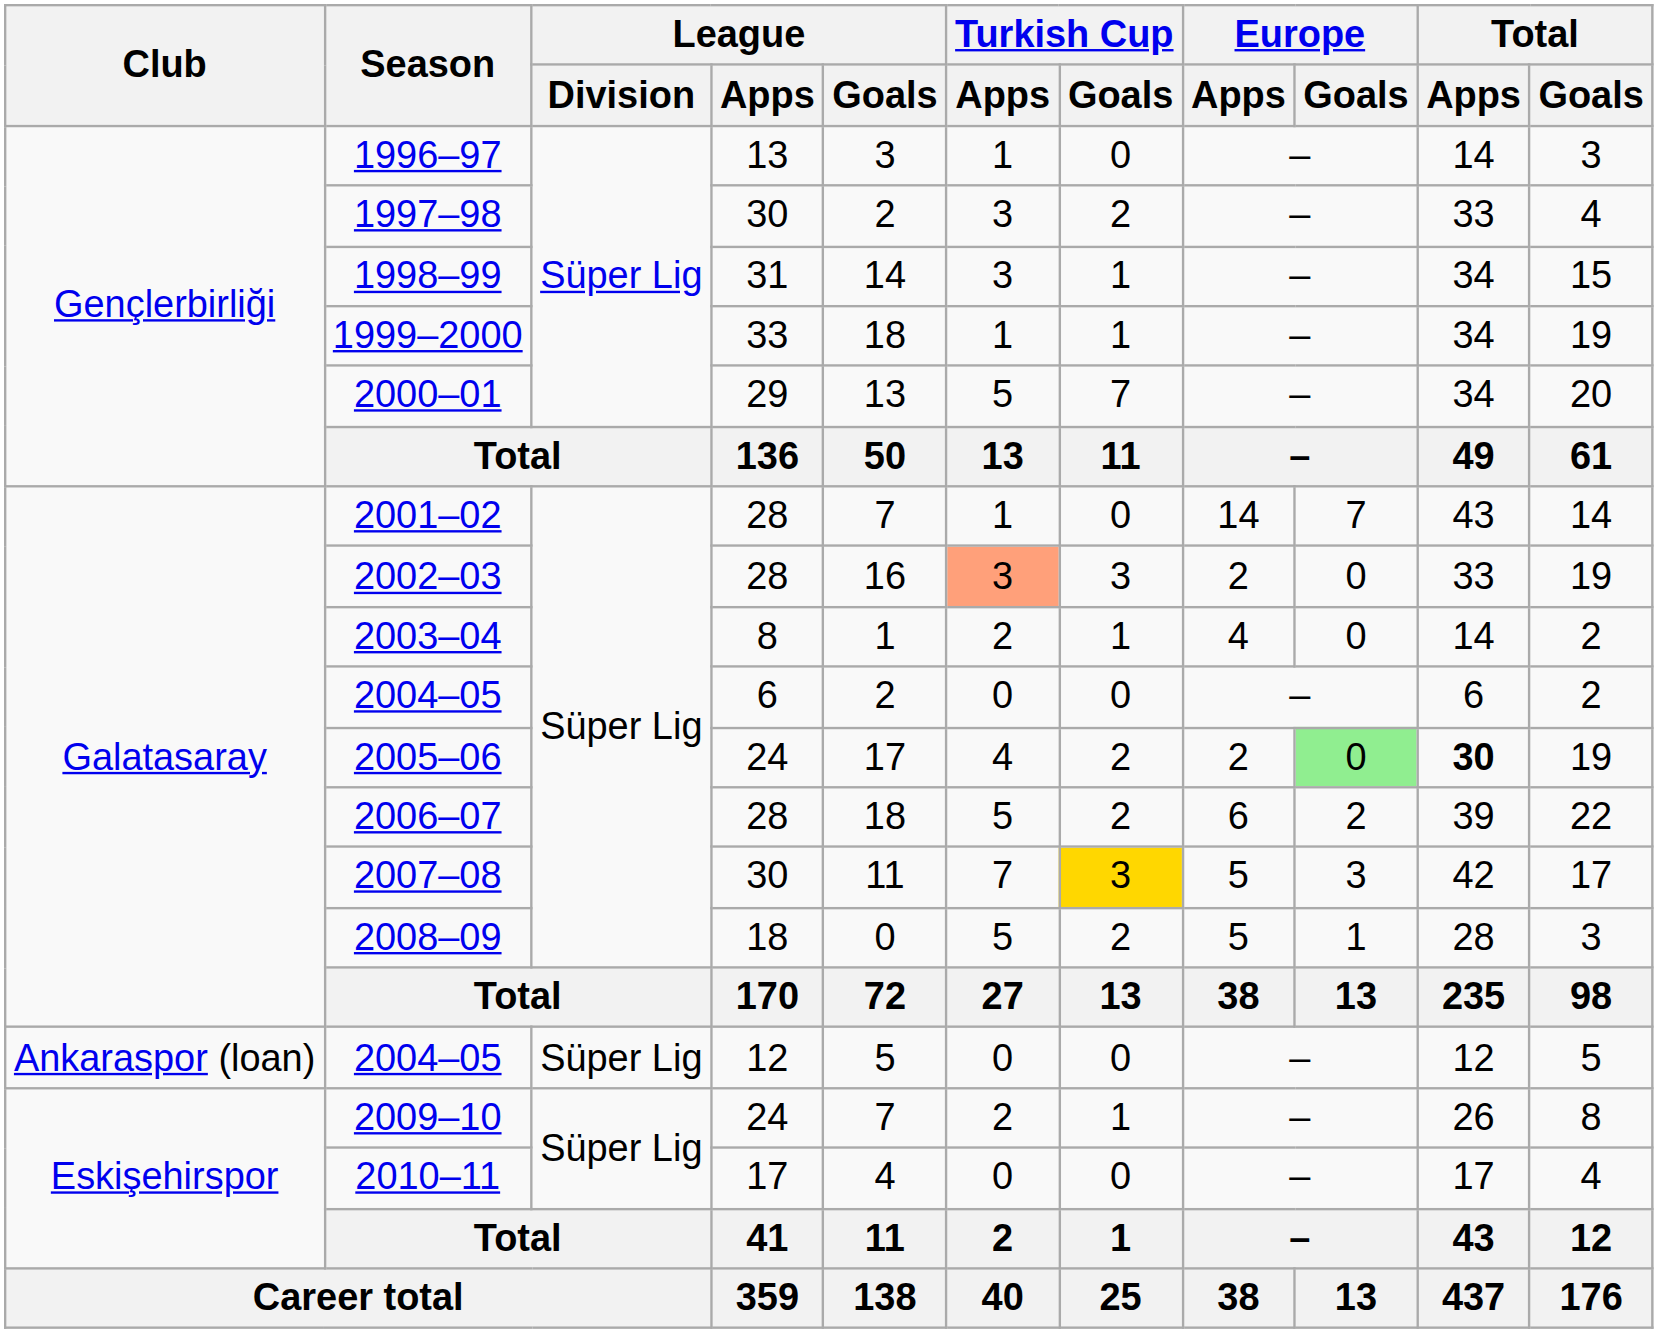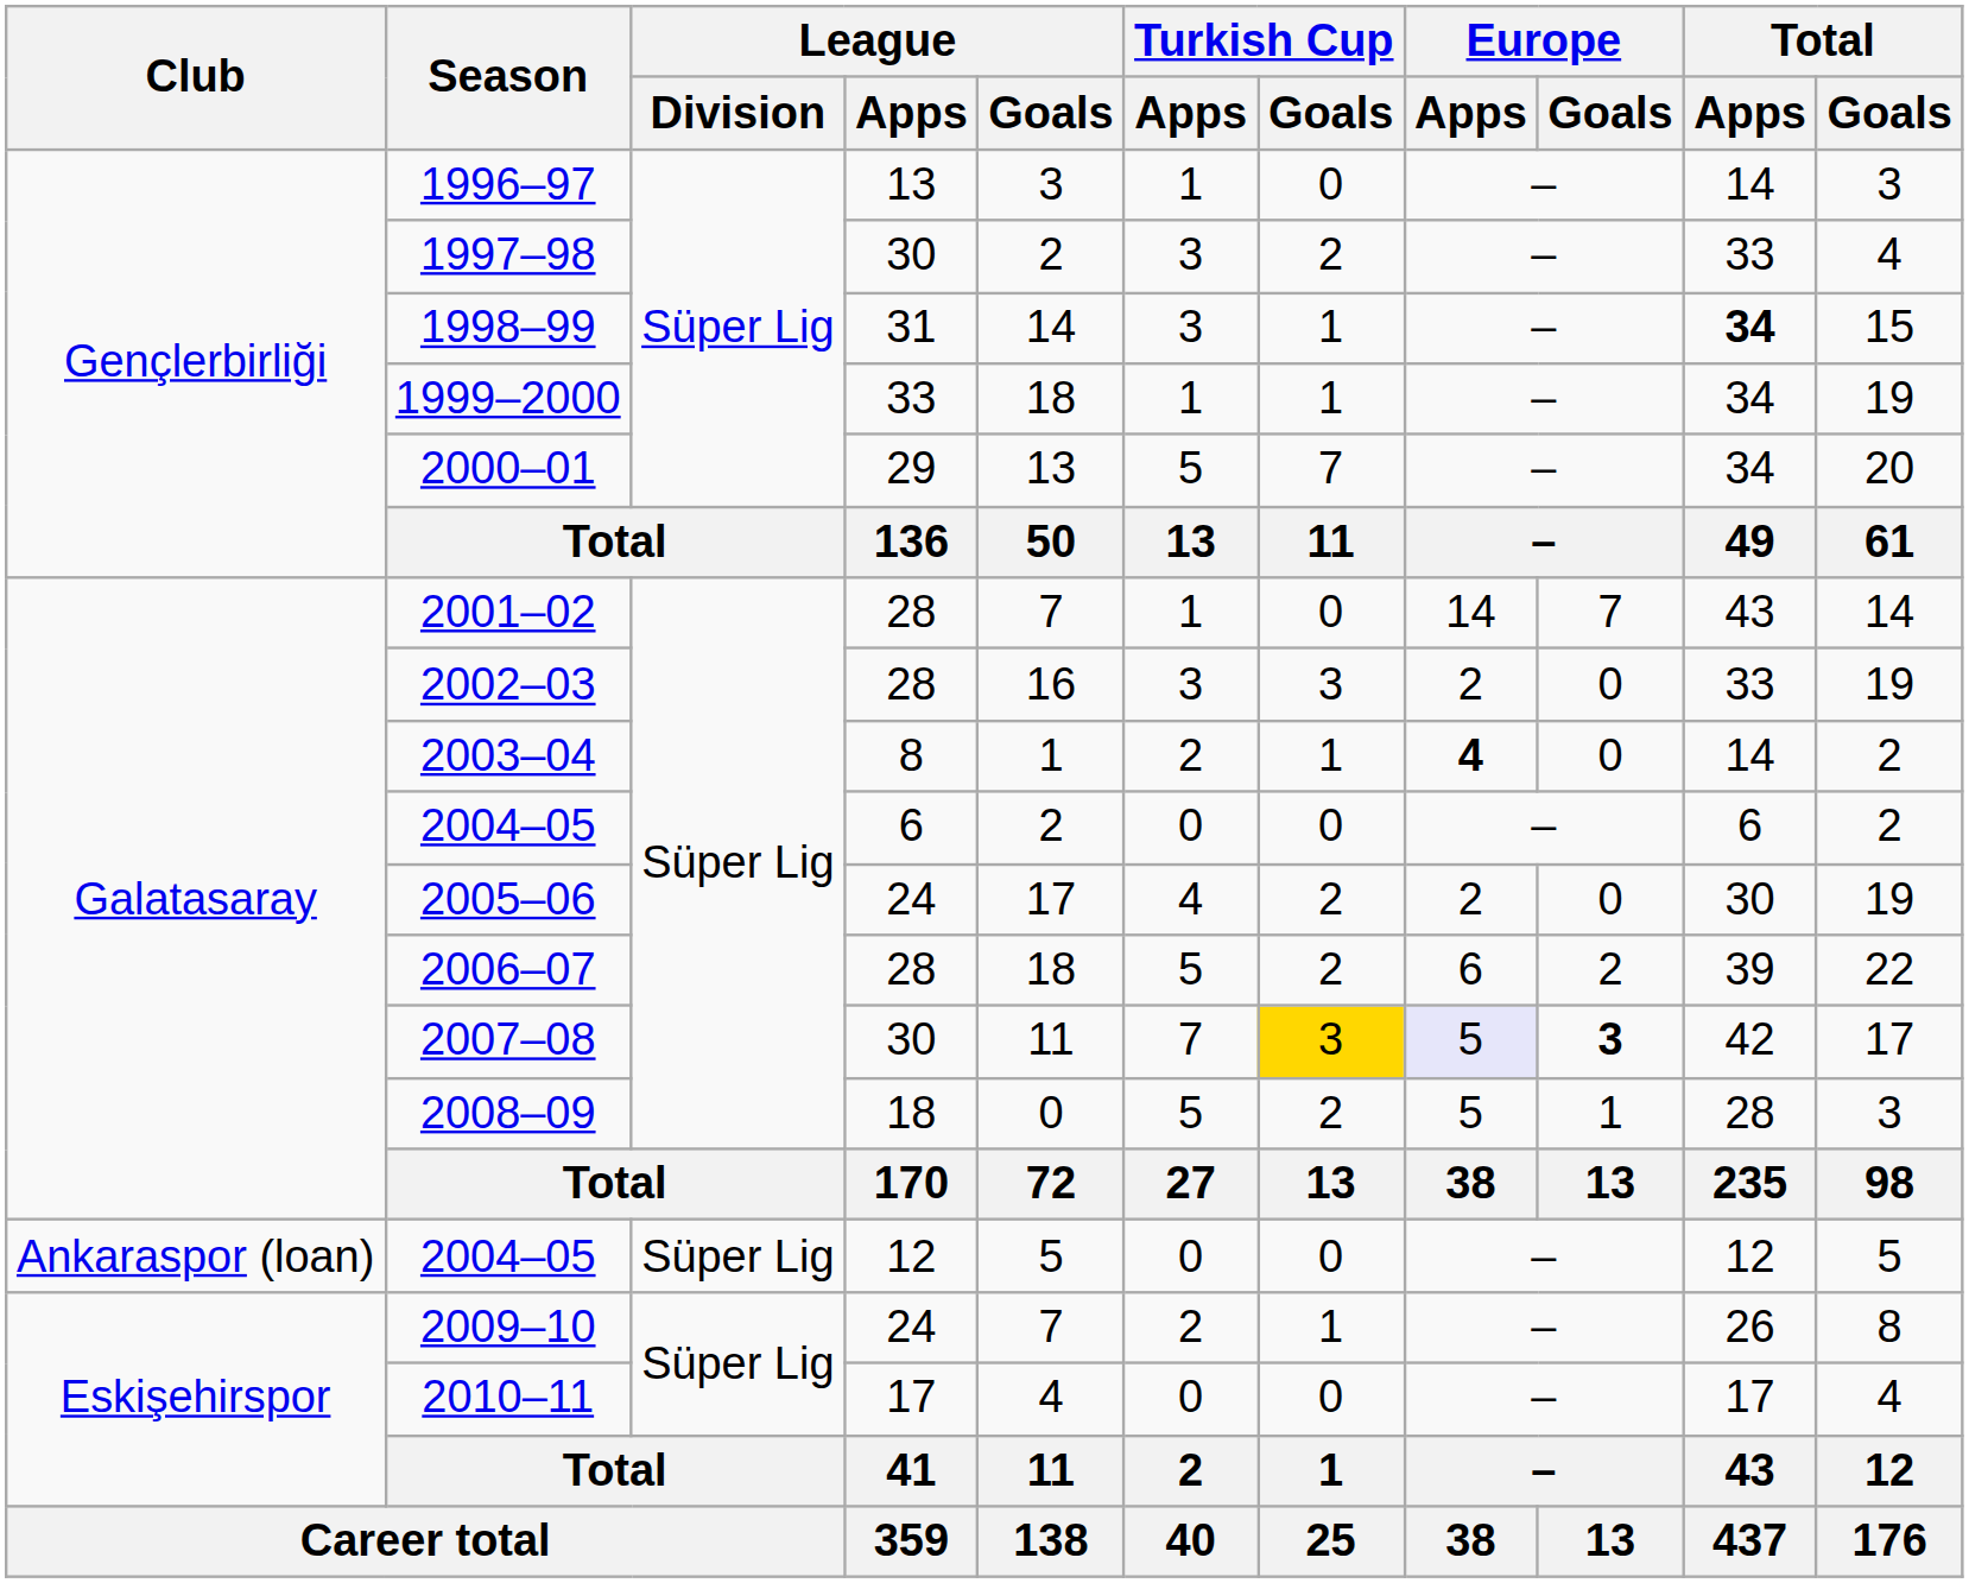 <table class="wikitable" style="text-align: center;">
 <tr>
 <th rowspan="2">Club</th>
 <th rowspan="2">Season</th>
 <th colspan="3">League</th>
 <th colspan="2"><a href='#'>Turkish Cup</a></th>
 <th colspan="2"><a href='#'>Europe</a></th>
 <th colspan="2">Total</th>
 </tr>
 <tr>
 <th>Division</th>
 <th>Apps</th>
 <th>Goals</th>
 <th>Apps</th>
 <th>Goals</th>
 <th>Apps</th>
 <th>Goals</th>
 <th>Apps</th>
 <th>Goals</th>
 </tr>
 <tr>
 <td rowspan="6" valign="center"><a href='#'>Gençlerbirliği</a></td>
 <td><a href='#'>1996–97</a></td>
 <td rowspan="5"><a href='#'>Süper Lig</a></td>
 <td>13</td>
 <td>3</td>
 <td>1</td>
 <td>0</td>
 <td colspan="2">–</td>
 <td>14</td>
 <td>3</td>
 </tr>
 <tr>
 <td><a href='#'>1997–98</a></td>
 <td>30</td>
 <td>2</td>
 <td>3</td>
 <td>2</td>
 <td colspan="2">–</td>
 <td>33</td>
 <td>4</td>
 </tr>
 <tr>
 <td><a href='#'>1998–99</a></td>
 <td>31</td>
 <td>14</td>
 <td>3</td>
 <td>1</td>
 <td colspan="2">–</td>
-<td>34</td>
+<td><strong>34</strong></td>
 <td>15</td>
 </tr>
 <tr>
 <td><a href='#'>1999–2000</a></td>
 <td>33</td>
 <td>18</td>
 <td>1</td>
 <td>1</td>
 <td colspan="2">–</td>
 <td>34</td>
 <td>19</td>
 </tr>
 <tr>
 <td><a href='#'>2000–01</a></td>
 <td>29</td>
 <td>13</td>
 <td>5</td>
 <td>7</td>
 <td colspan="2">–</td>
 <td>34</td>
 <td>20</td>
 </tr>
 <tr>
 <th colspan="2">Total</th>
 <th>136</th>
 <th>50</th>
 <th>13</th>
 <th>11</th>
 <th colspan="2">–</th>
 <th>49</th>
 <th>61</th>
 </tr>
 <tr>
 <td rowspan="9" valign="center"><a href='#'>Galatasaray</a></td>
 <td><a href='#'>2001–02</a></td>
 <td rowspan="8">Süper Lig</td>
 <td>28</td>
 <td>7</td>
 <td>1</td>
 <td>0</td>
 <td>14</td>
 <td>7</td>
 <td>43</td>
 <td>14</td>
 </tr>
 <tr>
 <td><a href='#'>2002–03</a></td>
 <td>28</td>
 <td>16</td>
-<td style="background: lightsalmon;">3</td>
+<td>3</td>
 <td>3</td>
 <td>2</td>
 <td>0</td>
 <td>33</td>
 <td>19</td>
 </tr>
 <tr>
 <td><a href='#'>2003–04</a></td>
 <td>8</td>
 <td>1</td>
 <td>2</td>
 <td>1</td>
-<td>4</td>
+<td><strong>4</strong></td>
 <td>0</td>
 <td>14</td>
 <td>2</td>
 </tr>
 <tr>
 <td><a href='#'>2004–05</a></td>
 <td>6</td>
 <td>2</td>
 <td>0</td>
 <td>0</td>
 <td colspan="2">–</td>
 <td>6</td>
 <td>2</td>
 </tr>
 <tr>
 <td><a href='#'>2005–06</a></td>
 <td>24</td>
 <td>17</td>
 <td>4</td>
 <td>2</td>
 <td>2</td>
-<td style="background: lightgreen;">0</td>
-<td><strong>30</strong></td>
+<td>0</td>
+<td>30</td>
 <td>19</td>
 </tr>
 <tr>
 <td><a href='#'>2006–07</a></td>
 <td>28</td>
 <td>18</td>
 <td>5</td>
 <td>2</td>
 <td>6</td>
 <td>2</td>
 <td>39</td>
 <td>22</td>
 </tr>
 <tr>
 <td><a href='#'>2007–08</a></td>
 <td>30</td>
 <td>11</td>
 <td>7</td>
 <td style="background: gold;">3</td>
-<td>5</td>
-<td>3</td>
+<td style="background: lavender;">5</td>
+<td><strong>3</strong></td>
 <td>42</td>
 <td>17</td>
 </tr>
 <tr>
 <td><a href='#'>2008–09</a></td>
 <td>18</td>
 <td>0</td>
 <td>5</td>
 <td>2</td>
 <td>5</td>
 <td>1</td>
 <td>28</td>
 <td>3</td>
 </tr>
 <tr>
 <th colspan="2">Total</th>
 <th>170</th>
 <th>72</th>
 <th>27</th>
 <th>13</th>
 <th>38</th>
 <th>13</th>
 <th>235</th>
 <th>98</th>
 </tr>
 <tr>
 <td><a href='#'>Ankaraspor</a> (loan)</td>
 <td><a href='#'>2004–05</a></td>
 <td>Süper Lig</td>
 <td>12</td>
 <td>5</td>
 <td>0</td>
 <td>0</td>
 <td colspan="2">–</td>
 <td>12</td>
 <td>5</td>
 </tr>
 <tr>
 <td rowspan="3" valign="center"><a href='#'>Eskişehirspor</a></td>
 <td><a href='#'>2009–10</a></td>
 <td rowspan="2">Süper Lig</td>
 <td>24</td>
 <td>7</td>
 <td>2</td>
 <td>1</td>
 <td colspan="2">–</td>
 <td>26</td>
 <td>8</td>
 </tr>
 <tr>
 <td><a href='#'>2010–11</a></td>
 <td>17</td>
 <td>4</td>
 <td>0</td>
 <td>0</td>
 <td colspan="2">–</td>
 <td>17</td>
 <td>4</td>
 </tr>
 <tr>
 <th colspan="2">Total</th>
 <th>41</th>
 <th>11</th>
 <th>2</th>
 <th>1</th>
 <th colspan="2">–</th>
 <th>43</th>
 <th>12</th>
 </tr>
 <tr>
 <th colspan="3">Career total</th>
 <th>359</th>
 <th>138</th>
 <th>40</th>
 <th>25</th>
 <th>38</th>
 <th>13</th>
 <th>437</th>
 <th>176</th>
 </tr>
 </table>
